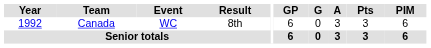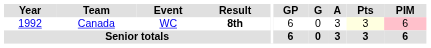 <table border="0" cellpadding="1" cellspacing="0" ID="Table3" style="text-align:center; width:40em">
 <tr ALIGN="center" bgcolor="#e0e0e0">
 <th>Year</th>
 <th>Team</th>
 <th>Event</th>
 <th>Result</th>
 <th rowspan="99" bgcolor="#ffffff"></th>
 <th>GP</th>
 <th>G</th>
 <th>A</th>
 <th>Pts</th>
 <th>PIM</th>
 </tr>
 <tr>
 <td><a href='#'>1992</a></td>
 <td><a href='#'>Canada</a></td>
 <td><a href='#'>WC</a></td>
-<td>8th</td>
+<td><strong>8th</strong></td>
 <td>6</td>
 <td>0</td>
 <td>3</td>
-<td>3</td>
-<td>6</td>
+<td style="background: lightyellow;">3</td>
+<td style="background: pink;">6</td>
 </tr>
 <tr bgcolor="#e0e0e0">
 <th colspan="4">Senior totals</th>
 <th>6</th>
 <th>0</th>
 <th>3</th>
 <th>3</th>
 <th>6</th>
 </tr>
 </table>
